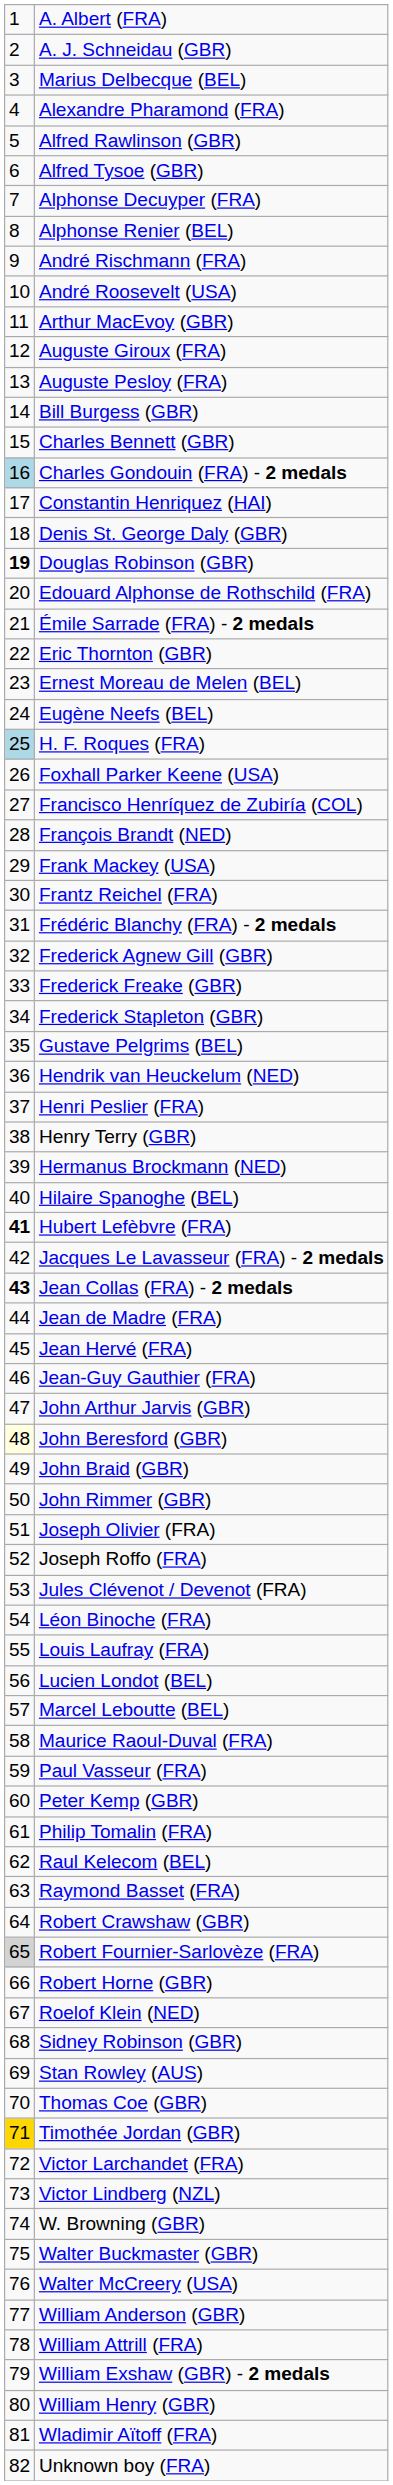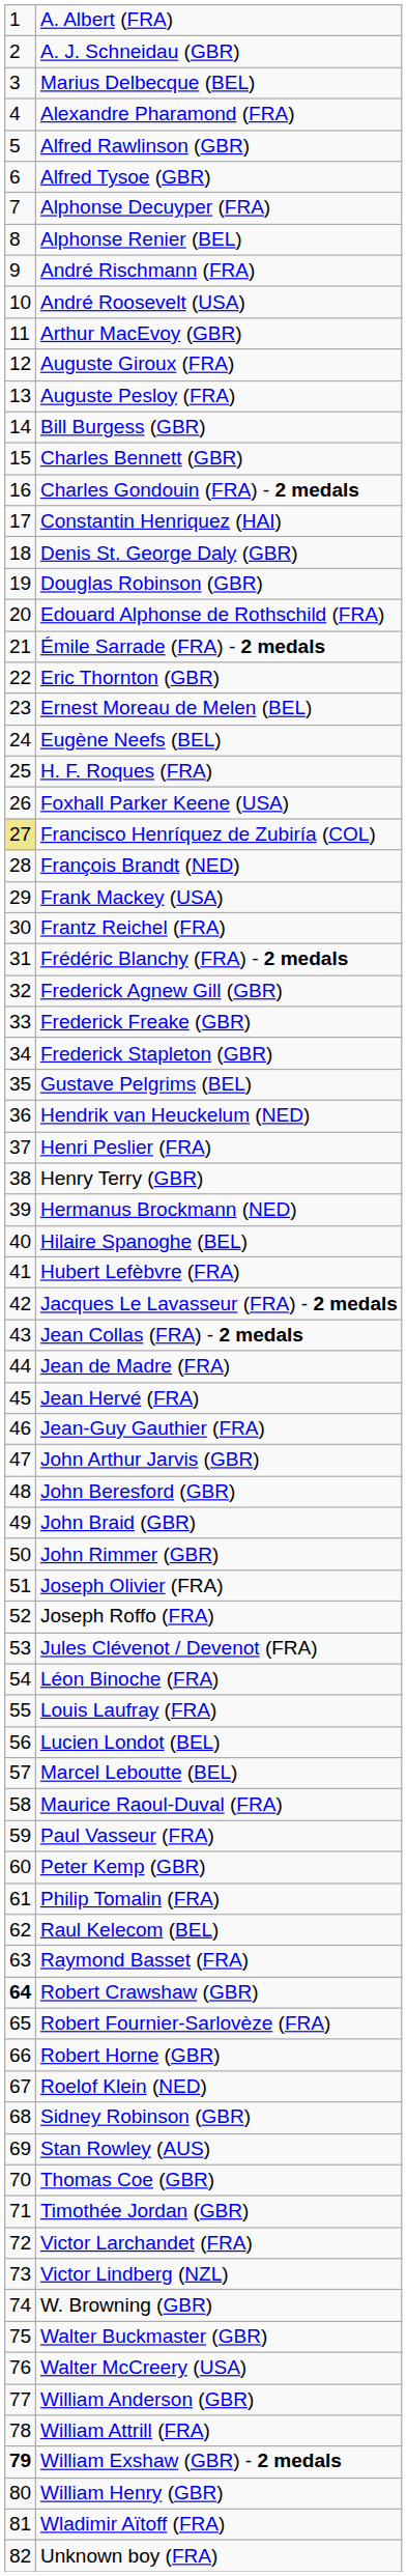 <table class="wikitable">
 <tr>
 <td>1</td>
 <td><a href='#'>A. Albert</a> (<a href='#'>FRA</a>)</td>
 </tr>
 <tr>
 <td>2</td>
 <td><a href='#'>A. J. Schneidau</a> (<a href='#'>GBR</a>)</td>
 </tr>
 <tr>
 <td>3</td>
 <td><a href='#'>Marius Delbecque</a> (<a href='#'>BEL</a>)</td>
 </tr>
 <tr>
 <td>4</td>
 <td><a href='#'>Alexandre Pharamond</a> (<a href='#'>FRA</a>)</td>
 </tr>
 <tr>
 <td>5</td>
 <td><a href='#'>Alfred Rawlinson</a> (<a href='#'>GBR</a>)</td>
 </tr>
 <tr>
 <td>6</td>
 <td><a href='#'>Alfred Tysoe</a> (<a href='#'>GBR</a>)</td>
 </tr>
 <tr>
 <td>7</td>
 <td><a href='#'>Alphonse Decuyper</a> (<a href='#'>FRA</a>)</td>
 </tr>
 <tr>
 <td>8</td>
 <td><a href='#'>Alphonse Renier</a> (<a href='#'>BEL</a>)</td>
 </tr>
 <tr>
 <td>9</td>
 <td><a href='#'>André Rischmann</a> (<a href='#'>FRA</a>)</td>
 </tr>
 <tr>
 <td>10</td>
 <td><a href='#'>André Roosevelt</a> (<a href='#'>USA</a>)</td>
 </tr>
 <tr>
 <td>11</td>
 <td><a href='#'>Arthur MacEvoy</a> (<a href='#'>GBR</a>)</td>
 </tr>
 <tr>
 <td>12</td>
 <td><a href='#'>Auguste Giroux</a> (<a href='#'>FRA</a>)</td>
 </tr>
 <tr>
 <td>13</td>
 <td><a href='#'>Auguste Pesloy</a> (<a href='#'>FRA</a>)</td>
 </tr>
 <tr>
 <td>14</td>
 <td><a href='#'>Bill Burgess</a> (<a href='#'>GBR</a>)</td>
 </tr>
 <tr>
 <td>15</td>
 <td><a href='#'>Charles Bennett</a> (<a href='#'>GBR</a>)</td>
 </tr>
 <tr>
-<td style="background: lightblue;">16</td>
+<td>16</td>
 <td><a href='#'>Charles Gondouin</a> (<a href='#'>FRA</a>) - <strong>2 medals</strong></td>
 </tr>
 <tr>
 <td>17</td>
 <td><a href='#'>Constantin Henriquez</a> (<a href='#'>HAI</a>)</td>
 </tr>
 <tr>
 <td>18</td>
 <td><a href='#'>Denis St. George Daly</a> (<a href='#'>GBR</a>)</td>
 </tr>
 <tr>
-<td><strong>19</strong></td>
+<td>19</td>
 <td><a href='#'>Douglas Robinson</a> (<a href='#'>GBR</a>)</td>
 </tr>
 <tr>
 <td>20</td>
 <td><a href='#'>Edouard Alphonse de Rothschild</a> (<a href='#'>FRA</a>)</td>
 </tr>
 <tr>
 <td>21</td>
 <td><a href='#'>Émile Sarrade</a> (<a href='#'>FRA</a>) - <strong>2 medals</strong></td>
 </tr>
 <tr>
 <td>22</td>
 <td><a href='#'>Eric Thornton</a> (<a href='#'>GBR</a>)</td>
 </tr>
 <tr>
 <td>23</td>
 <td><a href='#'>Ernest Moreau de Melen</a> (<a href='#'>BEL</a>)</td>
 </tr>
 <tr>
 <td>24</td>
 <td><a href='#'>Eugène Neefs</a> (<a href='#'>BEL</a>)</td>
 </tr>
 <tr>
-<td style="background: lightblue;">25</td>
+<td>25</td>
 <td><a href='#'>H. F. Roques</a> (<a href='#'>FRA</a>)</td>
 </tr>
 <tr>
 <td>26</td>
 <td><a href='#'>Foxhall Parker Keene</a> (<a href='#'>USA</a>)</td>
 </tr>
 <tr>
-<td>27</td>
+<td style="background: khaki;">27</td>
 <td><a href='#'>Francisco Henríquez de Zubiría</a> (<a href='#'>COL</a>)</td>
 </tr>
 <tr>
 <td>28</td>
 <td><a href='#'>François Brandt</a> (<a href='#'>NED</a>)</td>
 </tr>
 <tr>
 <td>29</td>
 <td><a href='#'>Frank Mackey</a> (<a href='#'>USA</a>)</td>
 </tr>
 <tr>
 <td>30</td>
 <td><a href='#'>Frantz Reichel</a> (<a href='#'>FRA</a>)</td>
 </tr>
 <tr>
 <td>31</td>
 <td><a href='#'>Frédéric Blanchy</a> (<a href='#'>FRA</a>) - <strong>2 medals</strong></td>
 </tr>
 <tr>
 <td>32</td>
 <td><a href='#'>Frederick Agnew Gill</a> (<a href='#'>GBR</a>)</td>
 </tr>
 <tr>
 <td>33</td>
 <td><a href='#'>Frederick Freake</a> (<a href='#'>GBR</a>)</td>
 </tr>
 <tr>
 <td>34</td>
 <td><a href='#'>Frederick Stapleton</a> (<a href='#'>GBR</a>)</td>
 </tr>
 <tr>
 <td>35</td>
 <td><a href='#'>Gustave Pelgrims</a> (<a href='#'>BEL</a>)</td>
 </tr>
 <tr>
 <td>36</td>
 <td><a href='#'>Hendrik van Heuckelum</a> (<a href='#'>NED</a>)</td>
 </tr>
 <tr>
 <td>37</td>
 <td><a href='#'>Henri Peslier</a> (<a href='#'>FRA</a>)</td>
 </tr>
 <tr>
 <td>38</td>
 <td>Henry Terry (<a href='#'>GBR</a>)</td>
 </tr>
 <tr>
 <td>39</td>
 <td><a href='#'>Hermanus Brockmann</a> (<a href='#'>NED</a>)</td>
 </tr>
 <tr>
 <td>40</td>
 <td><a href='#'>Hilaire Spanoghe</a> (<a href='#'>BEL</a>)</td>
 </tr>
 <tr>
-<td><strong>41</strong></td>
+<td>41</td>
 <td><a href='#'>Hubert Lefèbvre</a> (<a href='#'>FRA</a>)</td>
 </tr>
 <tr>
 <td>42</td>
 <td><a href='#'>Jacques Le Lavasseur</a> (<a href='#'>FRA</a>) - <strong>2 medals</strong></td>
 </tr>
 <tr>
-<td><strong>43</strong></td>
+<td>43</td>
 <td><a href='#'>Jean Collas</a> (<a href='#'>FRA</a>) - <strong>2 medals</strong></td>
 </tr>
 <tr>
 <td>44</td>
 <td><a href='#'>Jean de Madre</a> (<a href='#'>FRA</a>)</td>
 </tr>
 <tr>
 <td>45</td>
 <td><a href='#'>Jean Hervé</a> (<a href='#'>FRA</a>)</td>
 </tr>
 <tr>
 <td>46</td>
 <td><a href='#'>Jean-Guy Gauthier</a> (<a href='#'>FRA</a>)</td>
 </tr>
 <tr>
 <td>47</td>
 <td><a href='#'>John Arthur Jarvis</a> (<a href='#'>GBR</a>)</td>
 </tr>
 <tr>
-<td style="background: lightyellow;">48</td>
+<td>48</td>
 <td><a href='#'>John Beresford</a> (<a href='#'>GBR</a>)</td>
 </tr>
 <tr>
 <td>49</td>
 <td><a href='#'>John Braid</a> (<a href='#'>GBR</a>)</td>
 </tr>
 <tr>
 <td>50</td>
 <td><a href='#'>John Rimmer</a> (<a href='#'>GBR</a>)</td>
 </tr>
 <tr>
 <td>51</td>
 <td><a href='#'>Joseph Olivier</a> (FRA)</td>
 </tr>
 <tr>
 <td>52</td>
 <td>Joseph Roffo (<a href='#'>FRA</a>)</td>
 </tr>
 <tr>
 <td>53</td>
 <td><a href='#'>Jules Clévenot / Devenot</a> (FRA)</td>
 </tr>
 <tr>
 <td>54</td>
 <td><a href='#'>Léon Binoche</a> (<a href='#'>FRA</a>)</td>
 </tr>
 <tr>
 <td>55</td>
 <td><a href='#'>Louis Laufray</a> (<a href='#'>FRA</a>)</td>
 </tr>
 <tr>
 <td>56</td>
 <td><a href='#'>Lucien Londot</a> (<a href='#'>BEL</a>)</td>
 </tr>
 <tr>
 <td>57</td>
 <td><a href='#'>Marcel Leboutte</a> (<a href='#'>BEL</a>)</td>
 </tr>
 <tr>
 <td>58</td>
 <td><a href='#'>Maurice Raoul-Duval</a> (<a href='#'>FRA</a>)</td>
 </tr>
 <tr>
 <td>59</td>
 <td><a href='#'>Paul Vasseur</a> (<a href='#'>FRA</a>)</td>
 </tr>
 <tr>
 <td>60</td>
 <td><a href='#'>Peter Kemp</a> (<a href='#'>GBR</a>)</td>
 </tr>
 <tr>
 <td>61</td>
 <td><a href='#'>Philip Tomalin</a> (<a href='#'>FRA</a>)</td>
 </tr>
 <tr>
 <td>62</td>
 <td><a href='#'>Raul Kelecom</a> (<a href='#'>BEL</a>)</td>
 </tr>
 <tr>
 <td>63</td>
 <td><a href='#'>Raymond Basset</a> (<a href='#'>FRA</a>)</td>
 </tr>
 <tr>
-<td>64</td>
+<td><strong>64</strong></td>
 <td><a href='#'>Robert Crawshaw</a> (<a href='#'>GBR</a>)</td>
 </tr>
 <tr>
-<td style="background: lightgrey;">65</td>
+<td>65</td>
 <td><a href='#'>Robert Fournier-Sarlovèze</a> (<a href='#'>FRA</a>)</td>
 </tr>
 <tr>
 <td>66</td>
 <td><a href='#'>Robert Horne</a> (<a href='#'>GBR</a>)</td>
 </tr>
 <tr>
 <td>67</td>
 <td><a href='#'>Roelof Klein</a> (<a href='#'>NED</a>)</td>
 </tr>
 <tr>
 <td>68</td>
 <td><a href='#'>Sidney Robinson</a> (<a href='#'>GBR</a>)</td>
 </tr>
 <tr>
 <td>69</td>
 <td><a href='#'>Stan Rowley</a> (<a href='#'>AUS</a>)</td>
 </tr>
 <tr>
 <td>70</td>
 <td><a href='#'>Thomas Coe</a> (<a href='#'>GBR</a>)</td>
 </tr>
 <tr>
-<td style="background: gold;">71</td>
+<td>71</td>
 <td><a href='#'>Timothée Jordan</a> (<a href='#'>GBR</a>)</td>
 </tr>
 <tr>
 <td>72</td>
 <td><a href='#'>Victor Larchandet</a> (<a href='#'>FRA</a>)</td>
 </tr>
 <tr>
 <td>73</td>
 <td><a href='#'>Victor Lindberg</a> (<a href='#'>NZL</a>)</td>
 </tr>
 <tr>
 <td>74</td>
 <td>W. Browning (<a href='#'>GBR</a>)</td>
 </tr>
 <tr>
 <td>75</td>
 <td><a href='#'>Walter Buckmaster</a> (<a href='#'>GBR</a>)</td>
 </tr>
 <tr>
 <td>76</td>
 <td><a href='#'>Walter McCreery</a> (<a href='#'>USA</a>)</td>
 </tr>
 <tr>
 <td>77</td>
 <td><a href='#'>William Anderson</a> (<a href='#'>GBR</a>)</td>
 </tr>
 <tr>
 <td>78</td>
 <td><a href='#'>William Attrill</a> (<a href='#'>FRA</a>)</td>
 </tr>
 <tr>
-<td>79</td>
+<td><strong>79</strong></td>
 <td><a href='#'>William Exshaw</a> (<a href='#'>GBR</a>) - <strong>2 medals</strong></td>
 </tr>
 <tr>
 <td>80</td>
 <td><a href='#'>William Henry</a> (<a href='#'>GBR</a>)</td>
 </tr>
 <tr>
 <td>81</td>
 <td><a href='#'>Wladimir Aïtoff</a> (<a href='#'>FRA</a>)</td>
 </tr>
 <tr>
 <td>82</td>
 <td>Unknown boy (<a href='#'>FRA</a>)</td>
 </tr>
 </table>
